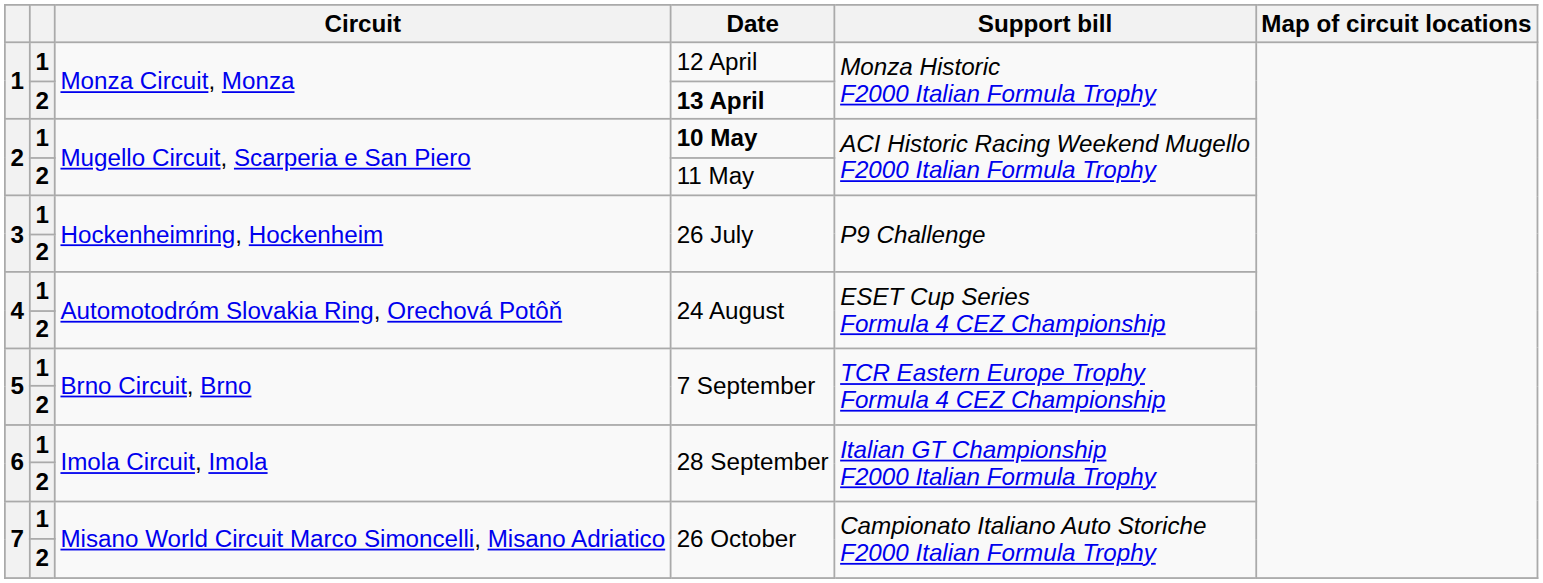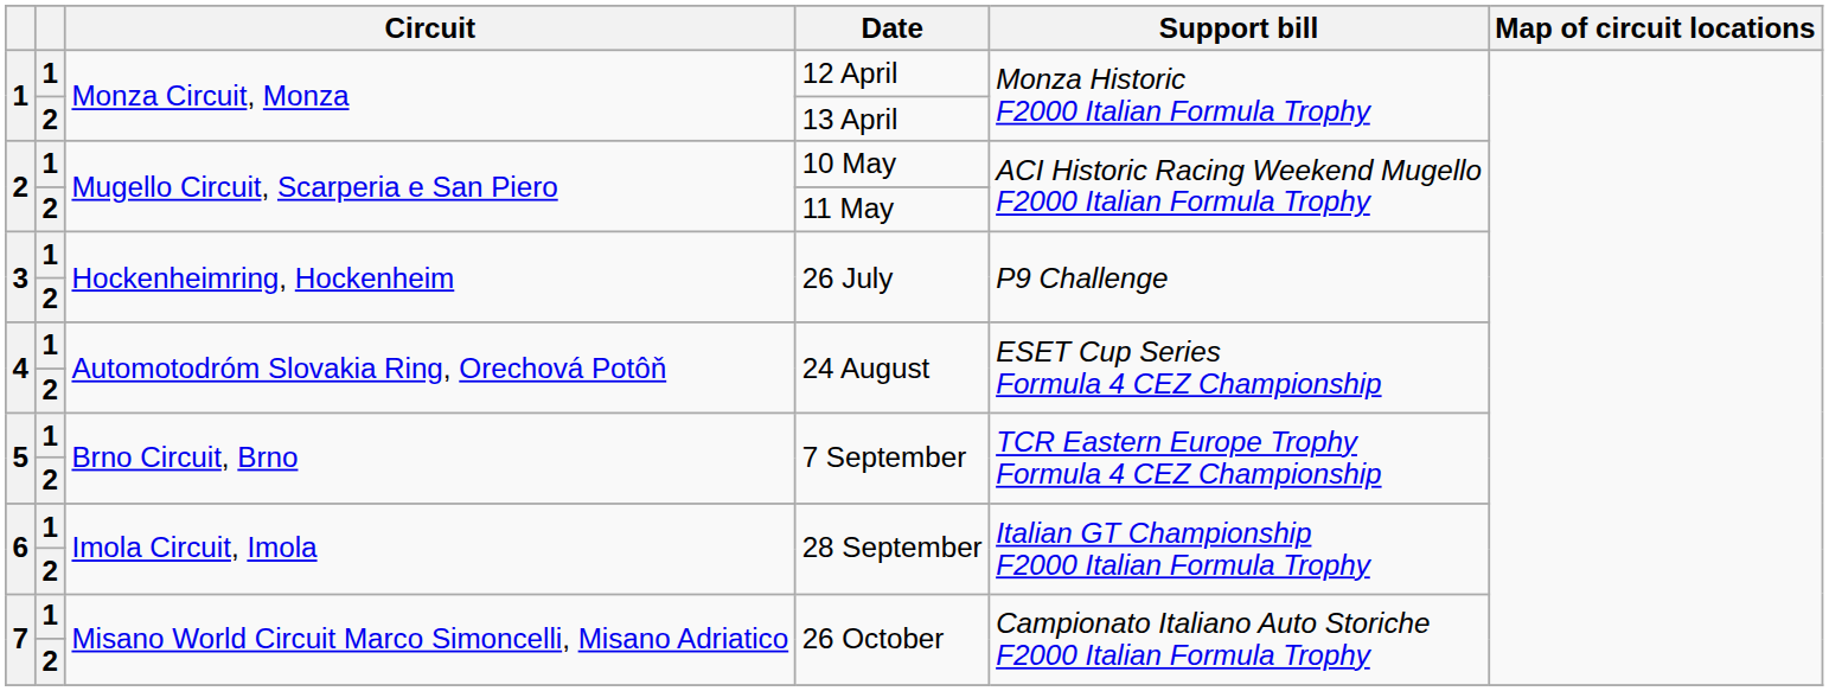 <table class="wikitable" style="font-size: 85%">
 <tr>
 <th></th>
 <th></th>
 <th>Circuit</th>
 <th>Date</th>
 <th>Support bill</th>
 <th>Map of circuit locations</th>
 </tr>
 <tr>
 <th rowspan="2">1</th>
 <th>1</th>
 <td rowspan="2"> <a href='#'>Monza Circuit</a>, <a href='#'>Monza</a></td>
 <td>12 April</td>
 <td rowspan="2"><em>Monza Historic<br><a href='#'>F2000 Italian Formula Trophy</a></em></td>
 <td rowspan="14"></td>
 </tr>
 <tr>
 <th>2</th>
-<td><strong>13 April</strong></td>
+<td>13 April</td>
 </tr>
 <tr>
 <th rowspan="2">2</th>
 <th>1</th>
 <td rowspan="2"> <a href='#'>Mugello Circuit</a>, <a href='#'>Scarperia e San Piero</a></td>
-<td><strong>10 May</strong></td>
+<td>10 May</td>
 <td rowspan="2"><em>ACI Historic Racing Weekend Mugello<br><a href='#'>F2000 Italian Formula Trophy</a></em></td>
 </tr>
 <tr>
 <th>2</th>
 <td>11 May</td>
 </tr>
 <tr>
 <th rowspan="2">3</th>
 <th>1</th>
 <td rowspan="2"> <a href='#'>Hockenheimring</a>, <a href='#'>Hockenheim</a></td>
 <td rowspan="2">26 July</td>
 <td rowspan="2"><em>P9 Challenge</em></td>
 </tr>
 <tr>
 <th>2</th>
 </tr>
 <tr>
 <th rowspan="2">4</th>
 <th>1</th>
 <td rowspan="2"> <a href='#'>Automotodróm Slovakia Ring</a>, <a href='#'>Orechová Potôň</a></td>
 <td rowspan="2">24 August</td>
 <td rowspan="2"><em>ESET Cup Series<br><a href='#'>Formula 4 CEZ Championship</a></em></td>
 </tr>
 <tr>
 <th>2</th>
 </tr>
 <tr>
 <th rowspan="2">5</th>
 <th>1</th>
 <td rowspan="2"> <a href='#'>Brno Circuit</a>, <a href='#'>Brno</a></td>
 <td rowspan="2">7 September</td>
 <td rowspan="2"><a href='#'><em>TCR Eastern Europe Trophy</em></a><br><em><a href='#'>Formula 4 CEZ Championship</a></em></td>
 </tr>
 <tr>
 <th>2</th>
 </tr>
 <tr>
 <th rowspan="2">6</th>
 <th>1</th>
 <td rowspan="2"> <a href='#'>Imola Circuit</a>, <a href='#'>Imola</a></td>
 <td rowspan="2">28 September</td>
 <td rowspan="2"><em><a href='#'>Italian GT Championship</a><br><a href='#'>F2000 Italian Formula Trophy</a></em></td>
 </tr>
 <tr>
 <th>2</th>
 </tr>
 <tr>
 <th rowspan="2">7</th>
 <th>1</th>
 <td rowspan="2"> <a href='#'>Misano World Circuit Marco Simoncelli</a>, <a href='#'>Misano Adriatico</a></td>
 <td rowspan="2">26 October</td>
 <td rowspan="2"><em>Campionato Italiano Auto Storiche<br><a href='#'>F2000 Italian Formula Trophy</a></em></td>
 </tr>
 <tr>
 <th>2</th>
 </tr>
 </table>
